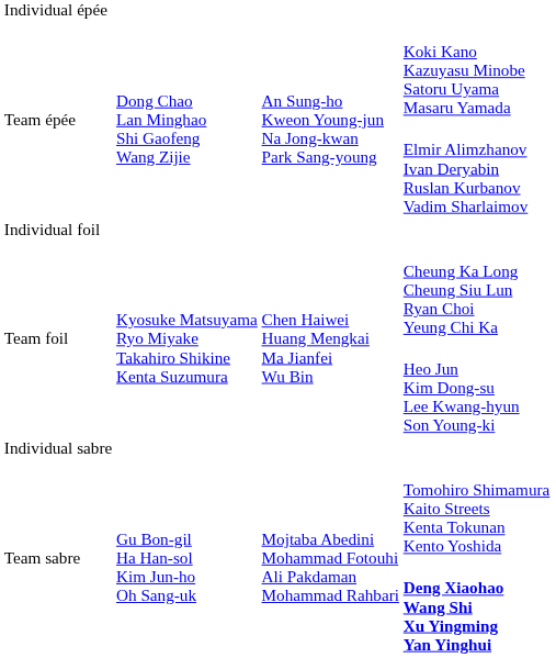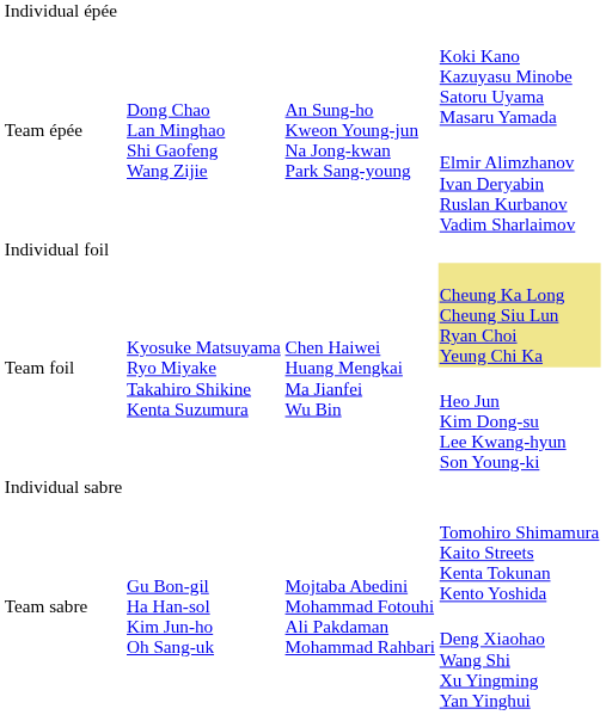 <table>
 <tr>
 <td rowspan=2>Individual épée</td>
 <td rowspan=2></td>
 <td rowspan=2></td>
 <td></td>
 </tr>
 <tr>
 <td></td>
 </tr>
 <tr>
 <td rowspan=2>Team épée</td>
 <td rowspan=2><br><a href='#'>Dong Chao</a><br><a href='#'>Lan Minghao</a><br><a href='#'>Shi Gaofeng</a><br><a href='#'>Wang Zijie</a></td>
 <td rowspan=2><br><a href='#'>An Sung-ho</a><br><a href='#'>Kweon Young-jun</a><br><a href='#'>Na Jong-kwan</a><br><a href='#'>Park Sang-young</a></td>
 <td><br><a href='#'>Koki Kano</a><br><a href='#'>Kazuyasu Minobe</a><br><a href='#'>Satoru Uyama</a><br><a href='#'>Masaru Yamada</a></td>
 </tr>
 <tr>
 <td><br><a href='#'>Elmir Alimzhanov</a><br><a href='#'>Ivan Deryabin</a><br><a href='#'>Ruslan Kurbanov</a><br><a href='#'>Vadim Sharlaimov</a></td>
 </tr>
 <tr>
 <td rowspan=2>Individual foil</td>
 <td rowspan=2></td>
 <td rowspan=2></td>
 <td></td>
 </tr>
 <tr>
 <td></td>
 </tr>
 <tr>
 <td rowspan=2>Team foil</td>
 <td rowspan=2><br><a href='#'>Kyosuke Matsuyama</a><br><a href='#'>Ryo Miyake</a><br><a href='#'>Takahiro Shikine</a><br><a href='#'>Kenta Suzumura</a></td>
 <td rowspan=2><br><a href='#'>Chen Haiwei</a><br><a href='#'>Huang Mengkai</a><br><a href='#'>Ma Jianfei</a><br><a href='#'>Wu Bin</a></td>
-<td><br><a href='#'>Cheung Ka Long</a><br><a href='#'>Cheung Siu Lun</a><br><a href='#'>Ryan Choi</a><br><a href='#'>Yeung Chi Ka</a></td>
+<td style="background: khaki;"><br><a href='#'>Cheung Ka Long</a><br><a href='#'>Cheung Siu Lun</a><br><a href='#'>Ryan Choi</a><br><a href='#'>Yeung Chi Ka</a></td>
 </tr>
 <tr>
 <td><br><a href='#'>Heo Jun</a><br><a href='#'>Kim Dong-su</a><br><a href='#'>Lee Kwang-hyun</a><br><a href='#'>Son Young-ki</a></td>
 </tr>
 <tr>
 <td rowspan=2>Individual sabre</td>
 <td rowspan=2></td>
 <td rowspan=2></td>
 <td></td>
 </tr>
 <tr>
 <td></td>
 </tr>
 <tr>
 <td rowspan=2>Team sabre</td>
 <td rowspan=2><br><a href='#'>Gu Bon-gil</a><br><a href='#'>Ha Han-sol</a><br><a href='#'>Kim Jun-ho</a><br><a href='#'>Oh Sang-uk</a></td>
 <td rowspan=2><br><a href='#'>Mojtaba Abedini</a><br><a href='#'>Mohammad Fotouhi</a><br><a href='#'>Ali Pakdaman</a><br><a href='#'>Mohammad Rahbari</a></td>
 <td><br><a href='#'>Tomohiro Shimamura</a><br><a href='#'>Kaito Streets</a><br><a href='#'>Kenta Tokunan</a><br><a href='#'>Kento Yoshida</a></td>
 </tr>
 <tr>
-<td><strong><br><a href='#'>Deng Xiaohao</a><br><a href='#'>Wang Shi</a><br><a href='#'>Xu Yingming</a><br><a href='#'>Yan Yinghui</a></strong></td>
+<td><br><a href='#'>Deng Xiaohao</a><br><a href='#'>Wang Shi</a><br><a href='#'>Xu Yingming</a><br><a href='#'>Yan Yinghui</a></td>
 </tr>
 </table>
